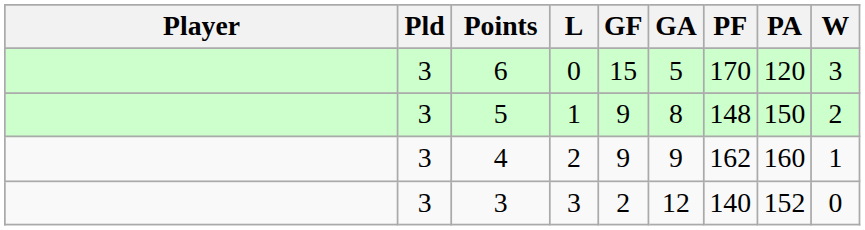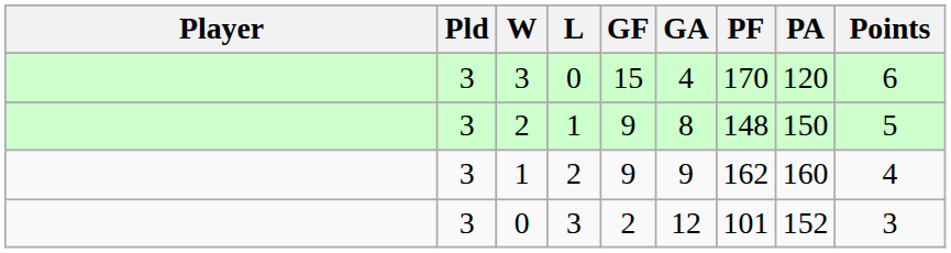 <table class=wikitable style="text-align:center">
 <tr>
 <th width=220>Player</th>
 <th width=20>Pld</th>
-<th width=50>Points</th>
+<th width=20>W</th>
 <th width=20>L</th>
 <th width=20>GF</th>
 <th width=20>GA</th>
 <th width=20>PF</th>
 <th width=20>PA</th>
-<th width=20>W</th>
+<th width=50>Points</th>
 </tr>
 <tr bgcolor="#ccffcc">
 <td align=left></td>
 <td>3</td>
-<td>6</td>
+<td>3</td>
 <td>0</td>
 <td>15</td>
-<td>5</td>
+<td>4</td>
 <td>170</td>
 <td>120</td>
-<td>3</td>
+<td>6</td>
 </tr>
 <tr bgcolor="#ccffcc">
 <td align=left></td>
 <td>3</td>
-<td>5</td>
+<td>2</td>
 <td>1</td>
 <td>9</td>
 <td>8</td>
 <td>148</td>
 <td>150</td>
-<td>2</td>
+<td>5</td>
 </tr>
 <tr>
 <td align=left></td>
 <td>3</td>
-<td>4</td>
+<td>1</td>
 <td>2</td>
 <td>9</td>
 <td>9</td>
 <td>162</td>
 <td>160</td>
-<td>1</td>
+<td>4</td>
 </tr>
 <tr>
 <td align=left></td>
 <td>3</td>
-<td>3</td>
+<td>0</td>
 <td>3</td>
 <td>2</td>
 <td>12</td>
-<td>140</td>
+<td>101</td>
 <td>152</td>
-<td>0</td>
+<td>3</td>
 </tr>
 </table>
